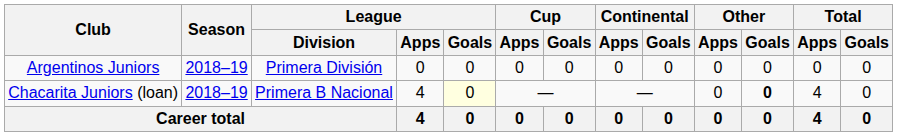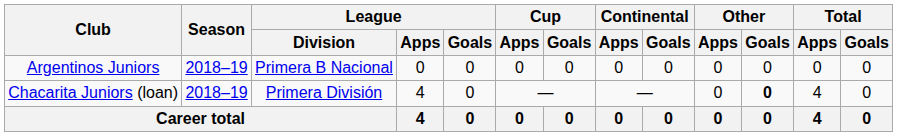 <table class="wikitable" style="text-align:center">
 <tr>
 <th rowspan="2">Club</th>
 <th rowspan="2">Season</th>
 <th colspan="3">League</th>
 <th colspan="2">Cup</th>
 <th colspan="2">Continental</th>
 <th colspan="2">Other</th>
 <th colspan="2">Total</th>
 </tr>
 <tr>
 <th>Division</th>
 <th>Apps</th>
 <th>Goals</th>
 <th>Apps</th>
 <th>Goals</th>
 <th>Apps</th>
 <th>Goals</th>
 <th>Apps</th>
 <th>Goals</th>
 <th>Apps</th>
 <th>Goals</th>
 </tr>
 <tr>
 <td rowspan="1"><a href='#'>Argentinos Juniors</a></td>
 <td><a href='#'>2018–19</a></td>
-<td rowspan="1"><a href='#'>Primera División</a></td>
+<td rowspan="1"><a href='#'>Primera B Nacional</a></td>
 <td>0</td>
 <td>0</td>
 <td>0</td>
 <td>0</td>
 <td>0</td>
 <td>0</td>
 <td>0</td>
 <td>0</td>
 <td>0</td>
 <td>0</td>
 </tr>
 <tr>
 <td rowspan="1"><a href='#'>Chacarita Juniors</a> (loan)</td>
 <td><a href='#'>2018–19</a></td>
-<td rowspan="1"><a href='#'>Primera B Nacional</a></td>
+<td rowspan="1"><a href='#'>Primera División</a></td>
 <td>4</td>
-<td style="background: lightyellow;">0</td>
+<td>0</td>
 <td colspan="2">—</td>
 <td colspan="2">—</td>
 <td>0</td>
 <td><strong>0</strong></td>
 <td>4</td>
 <td>0</td>
 </tr>
 <tr>
 <th colspan="3">Career total</th>
 <th>4</th>
 <th>0</th>
 <th>0</th>
 <th>0</th>
 <th>0</th>
 <th>0</th>
 <th>0</th>
 <th>0</th>
 <th>4</th>
 <th>0</th>
 </tr>
 </table>
